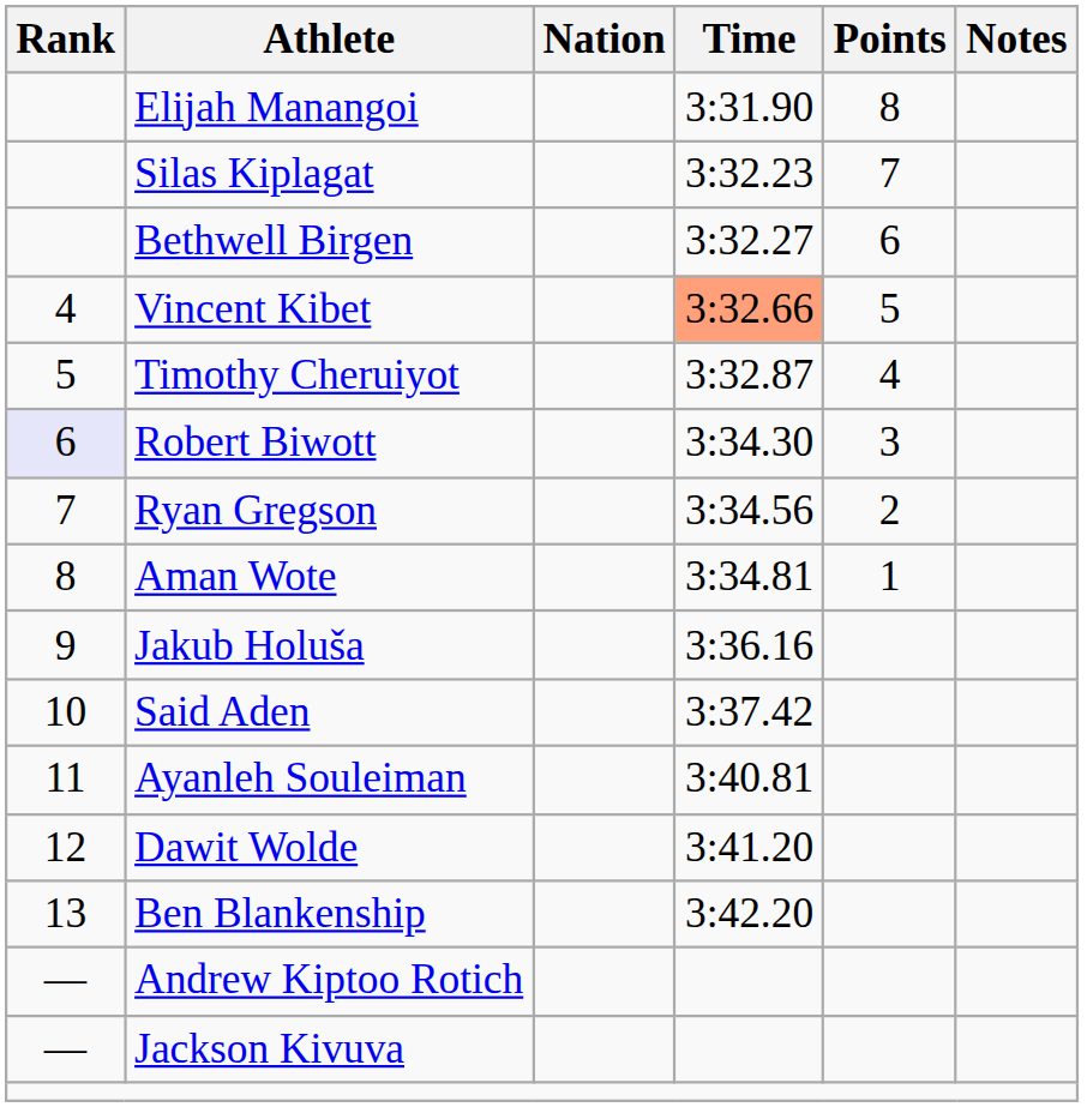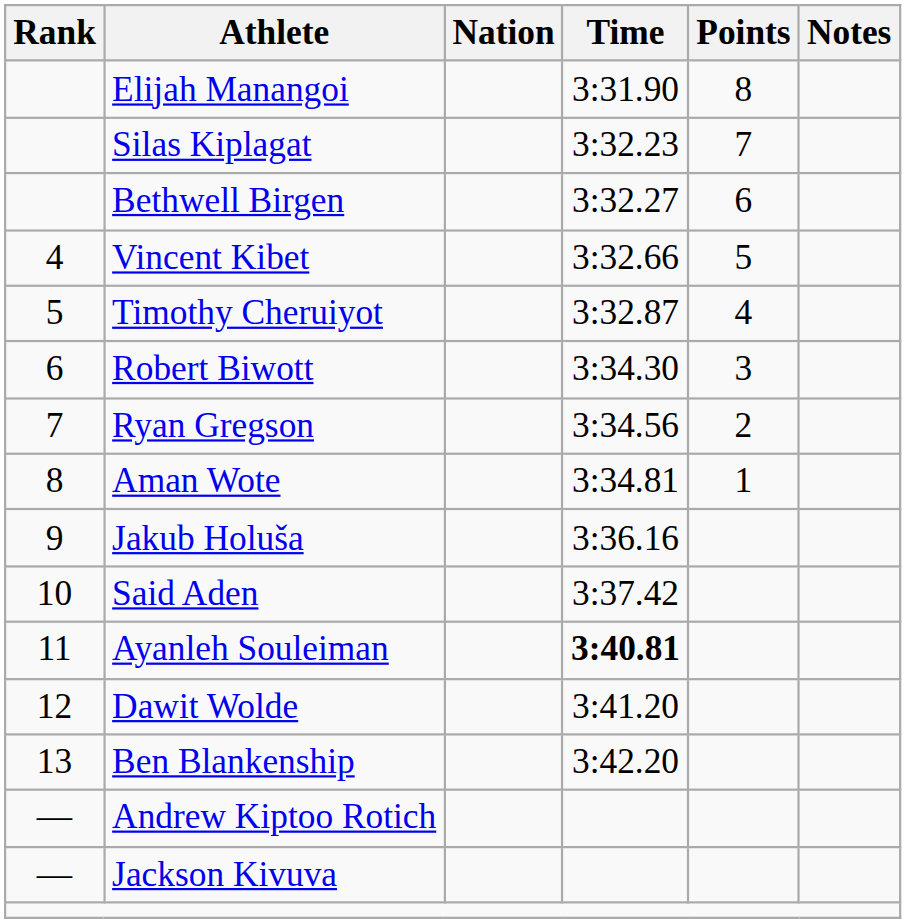 <table class="wikitable mw-datatable sortable" style="text-align:center;">
 <tr>
 <th>Rank</th>
 <th>Athlete</th>
 <th>Nation</th>
 <th>Time</th>
 <th>Points</th>
 <th>Notes</th>
 </tr>
 <tr>
 <td></td>
 <td align=left><a href='#'>Elijah Manangoi</a></td>
 <td align=left></td>
 <td>3:31.90</td>
 <td>8</td>
 <td></td>
 </tr>
 <tr>
 <td></td>
 <td align=left><a href='#'>Silas Kiplagat</a></td>
 <td align=left></td>
 <td>3:32.23</td>
 <td>7</td>
 <td></td>
 </tr>
 <tr>
 <td></td>
 <td align=left><a href='#'>Bethwell Birgen</a></td>
 <td align=left></td>
 <td>3:32.27</td>
 <td>6</td>
 <td></td>
 </tr>
 <tr>
 <td>4</td>
 <td align=left><a href='#'>Vincent Kibet</a></td>
 <td align=left></td>
-<td style="background: lightsalmon;">3:32.66</td>
+<td>3:32.66</td>
 <td>5</td>
 <td></td>
 </tr>
 <tr>
 <td>5</td>
 <td align=left><a href='#'>Timothy Cheruiyot</a></td>
 <td align=left></td>
 <td>3:32.87</td>
 <td>4</td>
 <td></td>
 </tr>
 <tr>
-<td style="background: lavender;">6</td>
+<td>6</td>
 <td align=left><a href='#'>Robert Biwott</a></td>
 <td align=left></td>
 <td>3:34.30</td>
 <td>3</td>
 <td></td>
 </tr>
 <tr>
 <td>7</td>
 <td align=left><a href='#'>Ryan Gregson</a></td>
 <td align=left></td>
 <td>3:34.56</td>
 <td>2</td>
 <td></td>
 </tr>
 <tr>
 <td>8</td>
 <td align=left><a href='#'>Aman Wote</a></td>
 <td align=left></td>
 <td>3:34.81</td>
 <td>1</td>
 <td></td>
 </tr>
 <tr>
 <td>9</td>
 <td align=left><a href='#'>Jakub Holuša</a></td>
 <td align=left></td>
 <td>3:36.16</td>
 <td></td>
 <td></td>
 </tr>
 <tr>
 <td>10</td>
 <td align=left><a href='#'>Said Aden</a></td>
 <td align=left></td>
 <td>3:37.42</td>
 <td></td>
 <td></td>
 </tr>
 <tr>
 <td>11</td>
 <td align=left><a href='#'>Ayanleh Souleiman</a></td>
 <td align=left></td>
-<td>3:40.81</td>
+<td><strong>3:40.81</strong></td>
 <td></td>
 <td></td>
 </tr>
 <tr>
 <td>12</td>
 <td align=left><a href='#'>Dawit Wolde</a></td>
 <td align=left></td>
 <td>3:41.20</td>
 <td></td>
 <td></td>
 </tr>
 <tr>
 <td>13</td>
 <td align=left><a href='#'>Ben Blankenship</a></td>
 <td align=left></td>
 <td>3:42.20</td>
 <td></td>
 <td></td>
 </tr>
 <tr>
 <td>—</td>
 <td align=left><a href='#'>Andrew Kiptoo Rotich</a></td>
 <td align=left></td>
 <td></td>
 <td></td>
 <td></td>
 </tr>
 <tr>
 <td>—</td>
 <td align=left><a href='#'>Jackson Kivuva</a></td>
 <td align=left></td>
 <td></td>
 <td></td>
 <td></td>
 </tr>
 <tr class="sortbottom">
 <td colspan=6></td>
 </tr>
 </table>
